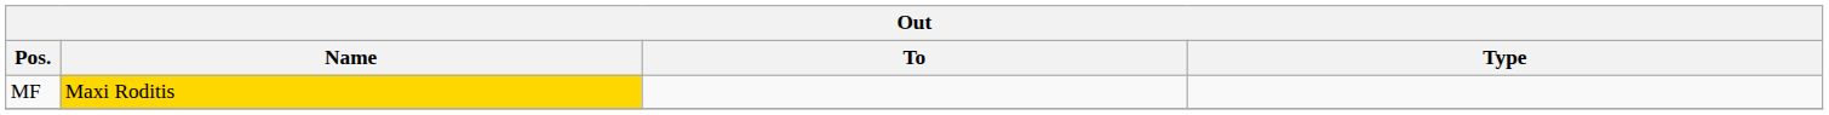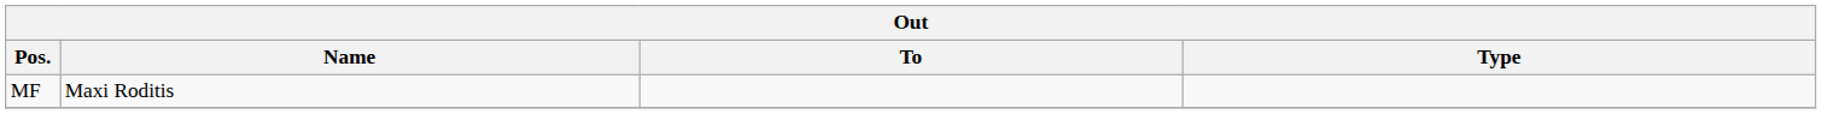 <table class="wikitable" style="font-size:90%;width:99%;">
 <tr>
 <th colspan="4">Out</th>
 </tr>
 <tr>
 <th width=3%>Pos.</th>
 <th width=32%>Name</th>
 <th width=30%>To</th>
 <th width=35%>Type</th>
 </tr>
 <tr>
 <td>MF</td>
-<td style="background: gold;">Maxi Roditis</td>
+<td>Maxi Roditis</td>
 <td></td>
 <td></td>
 </tr>
 <tr>
 </tr>
 </table>
